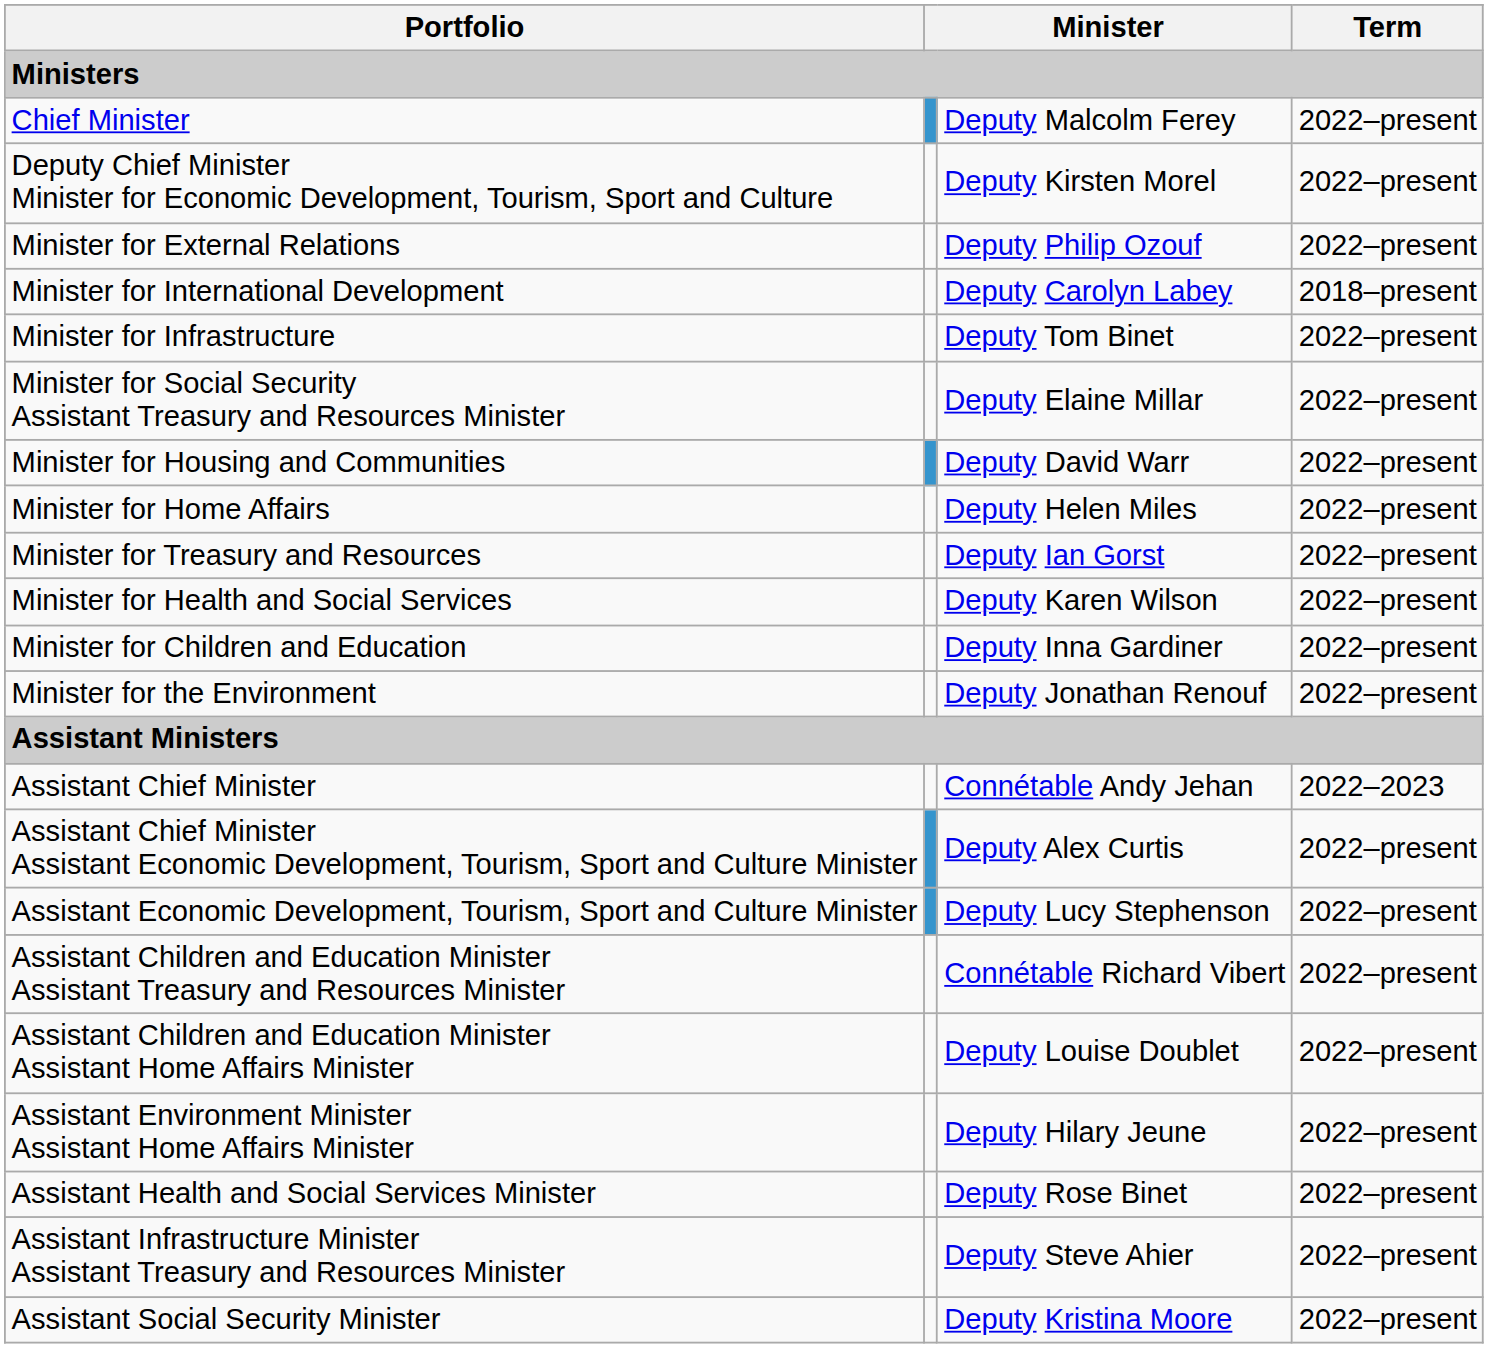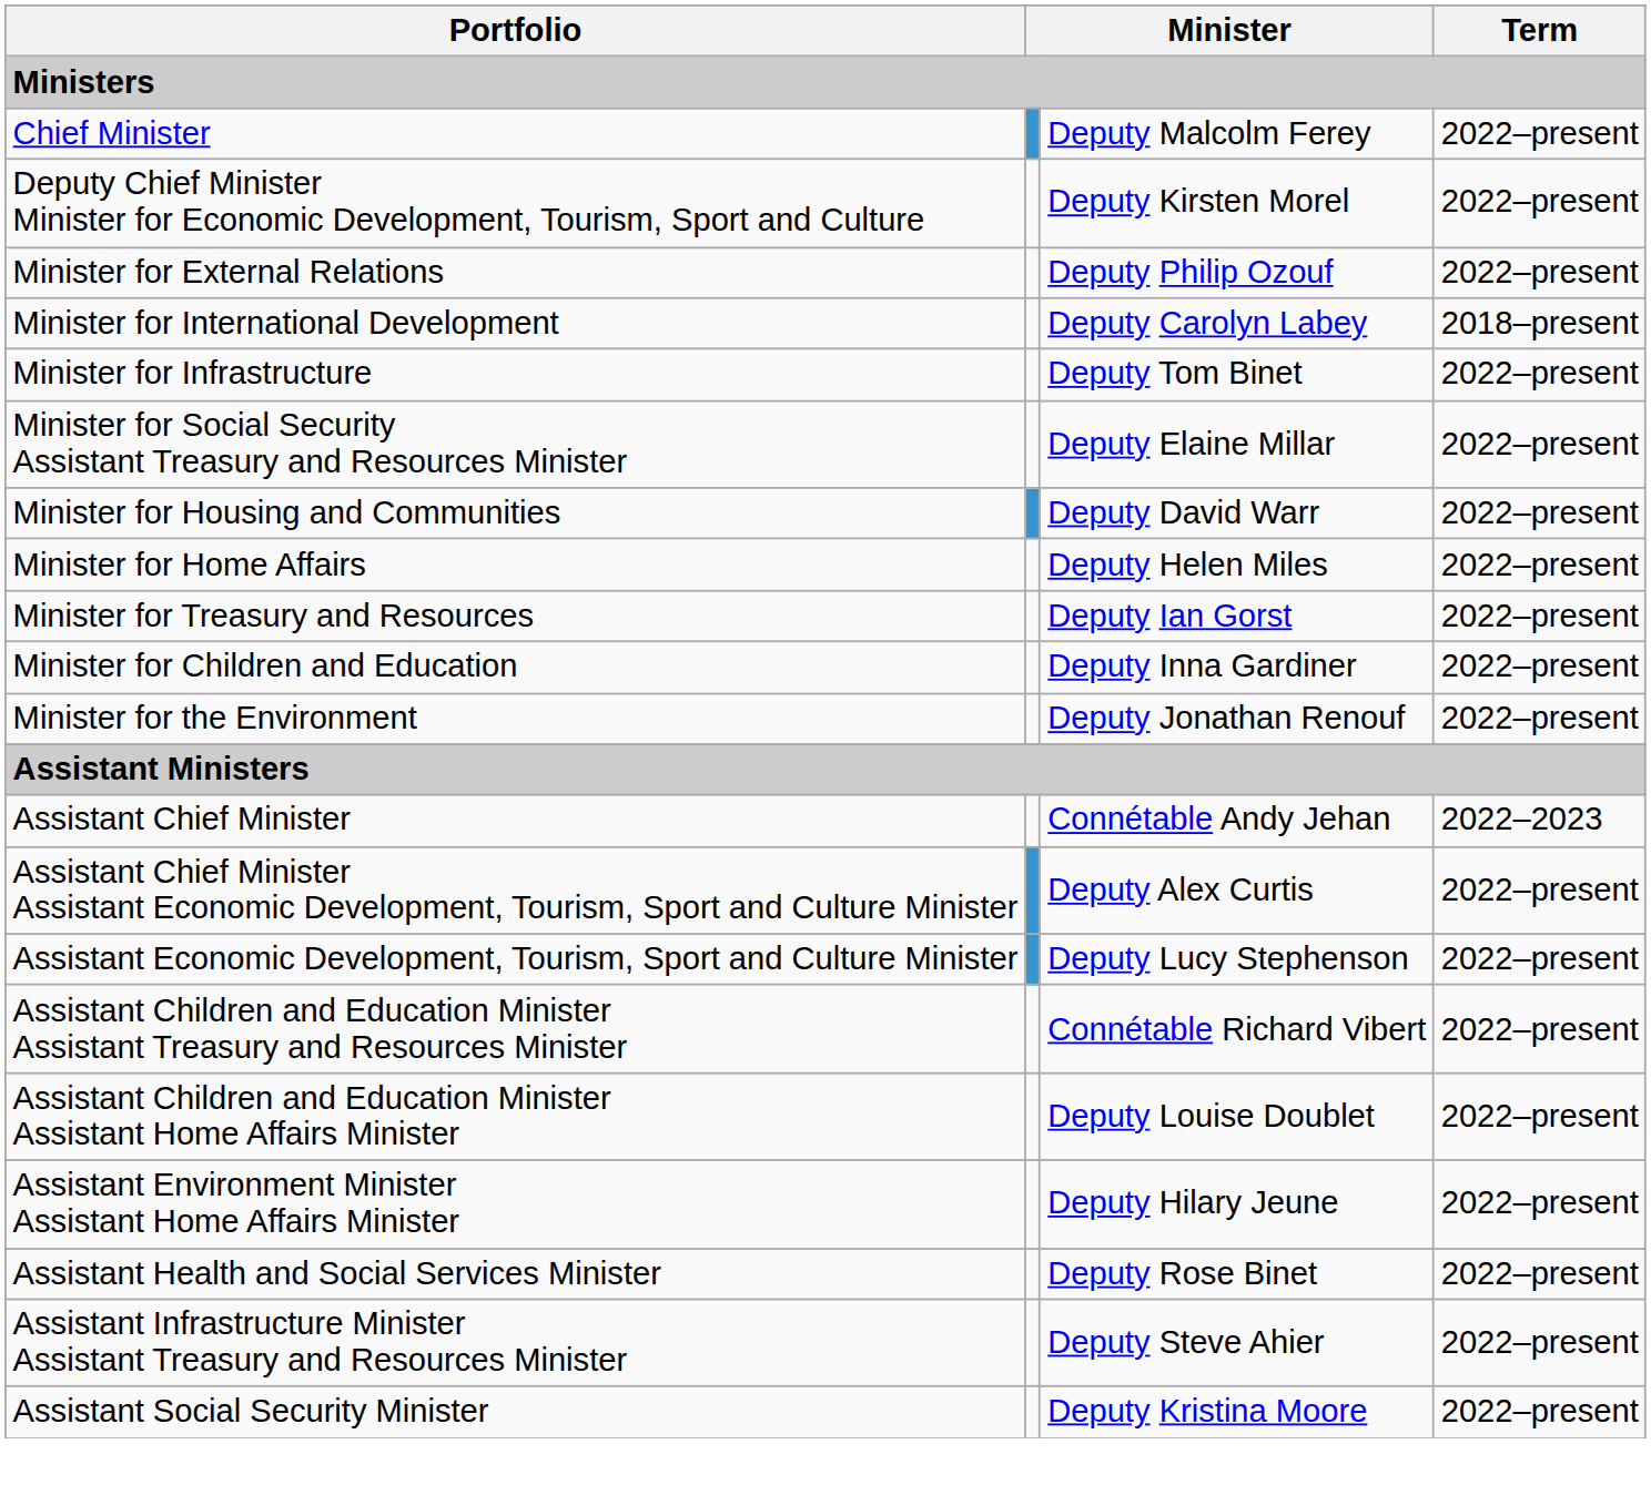 <table class="wikitable">
 <tr>
 <th>Portfolio</th>
 <th colspan=2>Minister</th>
 <th>Term</th>
 </tr>
 <tr>
 <td colspan="4" style="background:#cccccc;"><strong>Ministers</strong></td>
 </tr>
 <tr>
 <td><a href='#'>Chief Minister</a></td>
 <td style="background:#3494CD"></td>
 <td><a href='#'>Deputy</a> Malcolm Ferey</td>
 <td>2022–present</td>
 </tr>
 <tr>
 <td>Deputy Chief Minister<br>Minister for Economic Development, Tourism, Sport and Culture</td>
 <td style="background:"></td>
 <td><a href='#'>Deputy</a> Kirsten Morel</td>
 <td>2022–present</td>
 </tr>
 <tr>
 <td>Minister for External Relations</td>
 <td style="background:"></td>
 <td><a href='#'>Deputy</a> <a href='#'>Philip Ozouf</a></td>
 <td>2022–present</td>
 </tr>
 <tr>
 <td>Minister for International Development</td>
 <td style="background:"></td>
 <td><a href='#'>Deputy</a> <a href='#'>Carolyn Labey</a></td>
 <td>2018–present</td>
 </tr>
 <tr>
 <td>Minister for Infrastructure</td>
 <td style="background:"></td>
 <td><a href='#'>Deputy</a> Tom Binet</td>
 <td>2022–present</td>
 </tr>
 <tr>
 <td>Minister for Social Security<br>Assistant Treasury and Resources Minister</td>
 <td style="background:"></td>
 <td><a href='#'>Deputy</a> Elaine Millar</td>
 <td>2022–present</td>
 </tr>
 <tr>
 <td>Minister for Housing and Communities</td>
 <td style="background:#3494CD"></td>
 <td><a href='#'>Deputy</a> David Warr</td>
 <td>2022–present</td>
 </tr>
 <tr>
 <td>Minister for Home Affairs</td>
 <td style="background:"></td>
 <td><a href='#'>Deputy</a> Helen Miles</td>
 <td>2022–present</td>
 </tr>
 <tr>
 <td>Minister for Treasury and Resources</td>
 <td style="background:"></td>
 <td><a href='#'>Deputy</a> <a href='#'>Ian Gorst</a></td>
-<td>2022–present</td>
-</tr>
-<tr>
-<td>Minister for Health and Social Services</td>
-<td style="background:"></td>
-<td><a href='#'>Deputy</a> Karen Wilson</td>
 <td>2022–present</td>
 </tr>
 <tr>
 <td>Minister for Children and Education</td>
 <td style="background:"></td>
 <td><a href='#'>Deputy</a> Inna Gardiner</td>
 <td>2022–present</td>
 </tr>
 <tr>
 <td>Minister for the Environment</td>
 <td style="background:"></td>
 <td><a href='#'>Deputy</a> Jonathan Renouf</td>
 <td>2022–present</td>
 </tr>
 <tr>
 <td colspan="4" style="background:#cccccc;"><strong>Assistant Ministers</strong></td>
 </tr>
 <tr>
 <td>Assistant Chief Minister</td>
 <td style="background:"></td>
 <td><a href='#'>Connétable</a> Andy Jehan</td>
 <td>2022–2023</td>
 </tr>
 <tr>
 <td>Assistant Chief Minister<br>Assistant Economic Development, Tourism, Sport and Culture Minister</td>
 <td style="background:#3494CD"></td>
 <td><a href='#'>Deputy</a> Alex Curtis</td>
 <td>2022–present</td>
 </tr>
 <tr>
 <td>Assistant Economic Development, Tourism, Sport and Culture Minister</td>
 <td style="background:#3494CD"></td>
 <td><a href='#'>Deputy</a> Lucy Stephenson</td>
 <td>2022–present</td>
 </tr>
 <tr>
 <td>Assistant Children and Education Minister<br>Assistant Treasury and Resources Minister</td>
 <td style="background:"></td>
 <td><a href='#'>Connétable</a> Richard Vibert</td>
 <td>2022–present</td>
 </tr>
 <tr>
 <td>Assistant Children and Education Minister<br>Assistant Home Affairs Minister</td>
 <td style="background:"></td>
 <td><a href='#'>Deputy</a> Louise Doublet</td>
 <td>2022–present</td>
 </tr>
 <tr>
 <td>Assistant Environment Minister<br>Assistant Home Affairs Minister</td>
 <td style="background:"></td>
 <td><a href='#'>Deputy</a> Hilary Jeune</td>
 <td>2022–present</td>
 </tr>
 <tr>
 <td>Assistant Health and Social Services Minister</td>
 <td style="background:"></td>
 <td><a href='#'>Deputy</a> Rose Binet</td>
 <td>2022–present</td>
 </tr>
 <tr>
 <td>Assistant Infrastructure Minister<br>Assistant Treasury and Resources Minister</td>
 <td style="background:"></td>
 <td><a href='#'>Deputy</a> Steve Ahier</td>
 <td>2022–present</td>
 </tr>
 <tr>
 <td>Assistant Social Security Minister</td>
 <td style="background:"></td>
 <td><a href='#'>Deputy</a> <a href='#'>Kristina Moore</a></td>
 <td>2022–present</td>
 </tr>
 </table>
